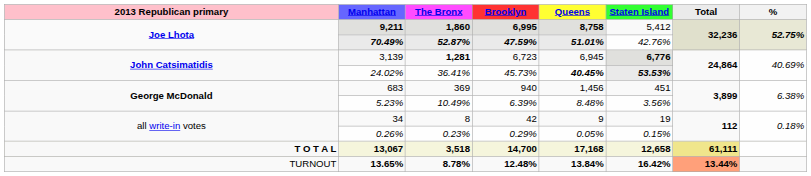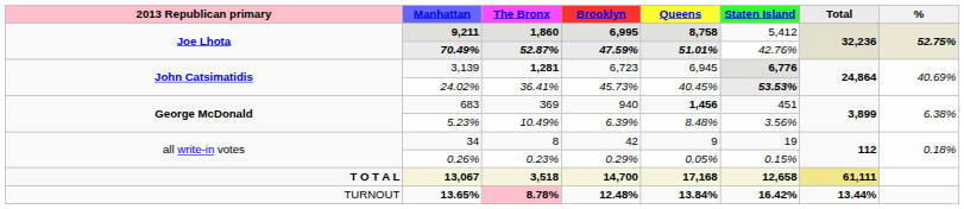 <table class="wikitable"  style="text-align:right;">
 <tr style="text-align:center;">
 <td style="width:40%; background:#FFC0CB;"><strong>2013 Republican primary</strong></td>
 <td style="width:8%; background:#6666ff;"><strong><a href='#'>Manhattan</a></strong></td>
 <td style="width:8%; background:#ff4cff;"><strong><a href='#'>The Bronx</a></strong></td>
 <td style="width:8%; background:#ff3232;"><strong><a href='#'>Brooklyn</a></strong></td>
 <td style="width:8%; background:#ffff32;"><strong><a href='#'>Queens</a></strong></td>
 <td style="width:8%; background:#32ff32;"><strong><a href='#'>Staten Island</a></strong></td>
 <td style="width:8%; background:#ebebeb;"><strong>Total</strong></td>
 <td style="width:8%; background:#f2f2f2;"><strong>%</strong></td>
 </tr>
 <tr style="background:#e0e0dd;">
 <td rowspan="2" style="background:#fafafa; text-align:center;"><strong><a href='#'>Joe Lhota</a></strong></td>
 <td><strong>9,211</strong></td>
 <td><strong>1,860</strong></td>
 <td><strong>6,995</strong></td>
 <td><strong>8,758</strong></td>
 <td bgcolor=f9f9f9>5,412</td>
 <td rowspan="2" style="background:#e0e0cc;"><strong>32,236</strong></td>
 <td rowspan="2" style="background:#e8e8d5;"><strong><em>52.75%</em></strong></td>
 </tr>
 <tr style="background:#eaeaea;">
 <td><strong><em>70.49%</em></strong></td>
 <td><strong><em>52.87%</em></strong></td>
 <td><strong><em>47.59%</em></strong></td>
 <td><strong><em>51.01%</em></strong></td>
 <td bgcolor=fefefe><em>42.76%</em></td>
 </tr>
 <tr>
 <td rowspan="2" style="text-align:center;"><strong><a href='#'>John Catsimatidis</a></strong></td>
 <td>3,139</td>
 <td><strong>1,281</strong></td>
 <td>6,723</td>
 <td>6,945</td>
 <td bgcolor=e0e0dd><strong>6,776</strong></td>
 <td rowspan="2"><strong>24,864</strong></td>
 <td rowspan="2" style="background:#fefefe;"><em>40.69%</em></td>
 </tr>
 <tr style="background:#fefefe;">
 <td><em>24.02%</em></td>
 <td><em>36.41%</em></td>
 <td><em>45.73%</em></td>
-<td><strong><em>40.45%</em></strong></td>
+<td><em>40.45%</em></td>
 <td bgcolor=eaeaea><strong><em>53.53%</em></strong></td>
 </tr>
 <tr>
 <td rowspan="2" style="text-align:center;"><strong>George McDonald</strong></td>
 <td>683</td>
 <td>369</td>
 <td>940</td>
-<td>1,456</td>
+<td><strong>1,456</strong></td>
 <td>451</td>
 <td rowspan="2"><strong>3,899</strong></td>
 <td rowspan="2" style="background:#fefefe;"><em>6.38%</em></td>
 </tr>
 <tr style="background:#fefefe;">
 <td><em>5.23%</em></td>
 <td><em>10.49%</em></td>
 <td><em>6.39%</em></td>
 <td><em>8.48%</em></td>
 <td><em>3.56%</em></td>
 </tr>
 <tr>
 <td rowspan="2" style="text-align:center;">all <a href='#'>write-in</a> votes</td>
 <td>34</td>
 <td>8</td>
 <td>42</td>
 <td>9</td>
 <td>19</td>
 <td rowspan="2"><strong>112</strong></td>
 <td rowspan="2" style="background:#fefefe;"><em>0.18%</em></td>
 </tr>
 <tr style="background:#fefefe;">
 <td><em>0.26%</em></td>
 <td><em>0.23%</em></td>
 <td><em>0.29%</em></td>
 <td><em>0.05%</em></td>
 <td><em>0.15%</em></td>
 </tr>
 <tr style="background:beige;">
 <td style="background:#f8f8f8;"><strong>T O T A L</strong></td>
 <td><strong>13,067</strong></td>
 <td><strong>3,518</strong></td>
 <td><strong>14,700</strong></td>
 <td><strong>17,168</strong></td>
 <td><strong>12,658</strong></td>
 <td bgcolor=khaki><strong>61,111</strong></td>
 <td bgcolor=fefefe> </td>
 </tr>
 <tr>
 <td>TURNOUT</td>
 <td><strong>13.65%</strong></td>
-<td><strong>8.78%</strong></td>
+<td style="background: pink;"><strong>8.78%</strong></td>
 <td><strong>12.48%</strong></td>
 <td><strong>13.84%</strong></td>
 <td><strong>16.42%</strong></td>
-<td style="background: lightsalmon;"><strong>13.44%</strong></td>
+<td><strong>13.44%</strong></td>
 <td></td>
 </tr>
 </table>
